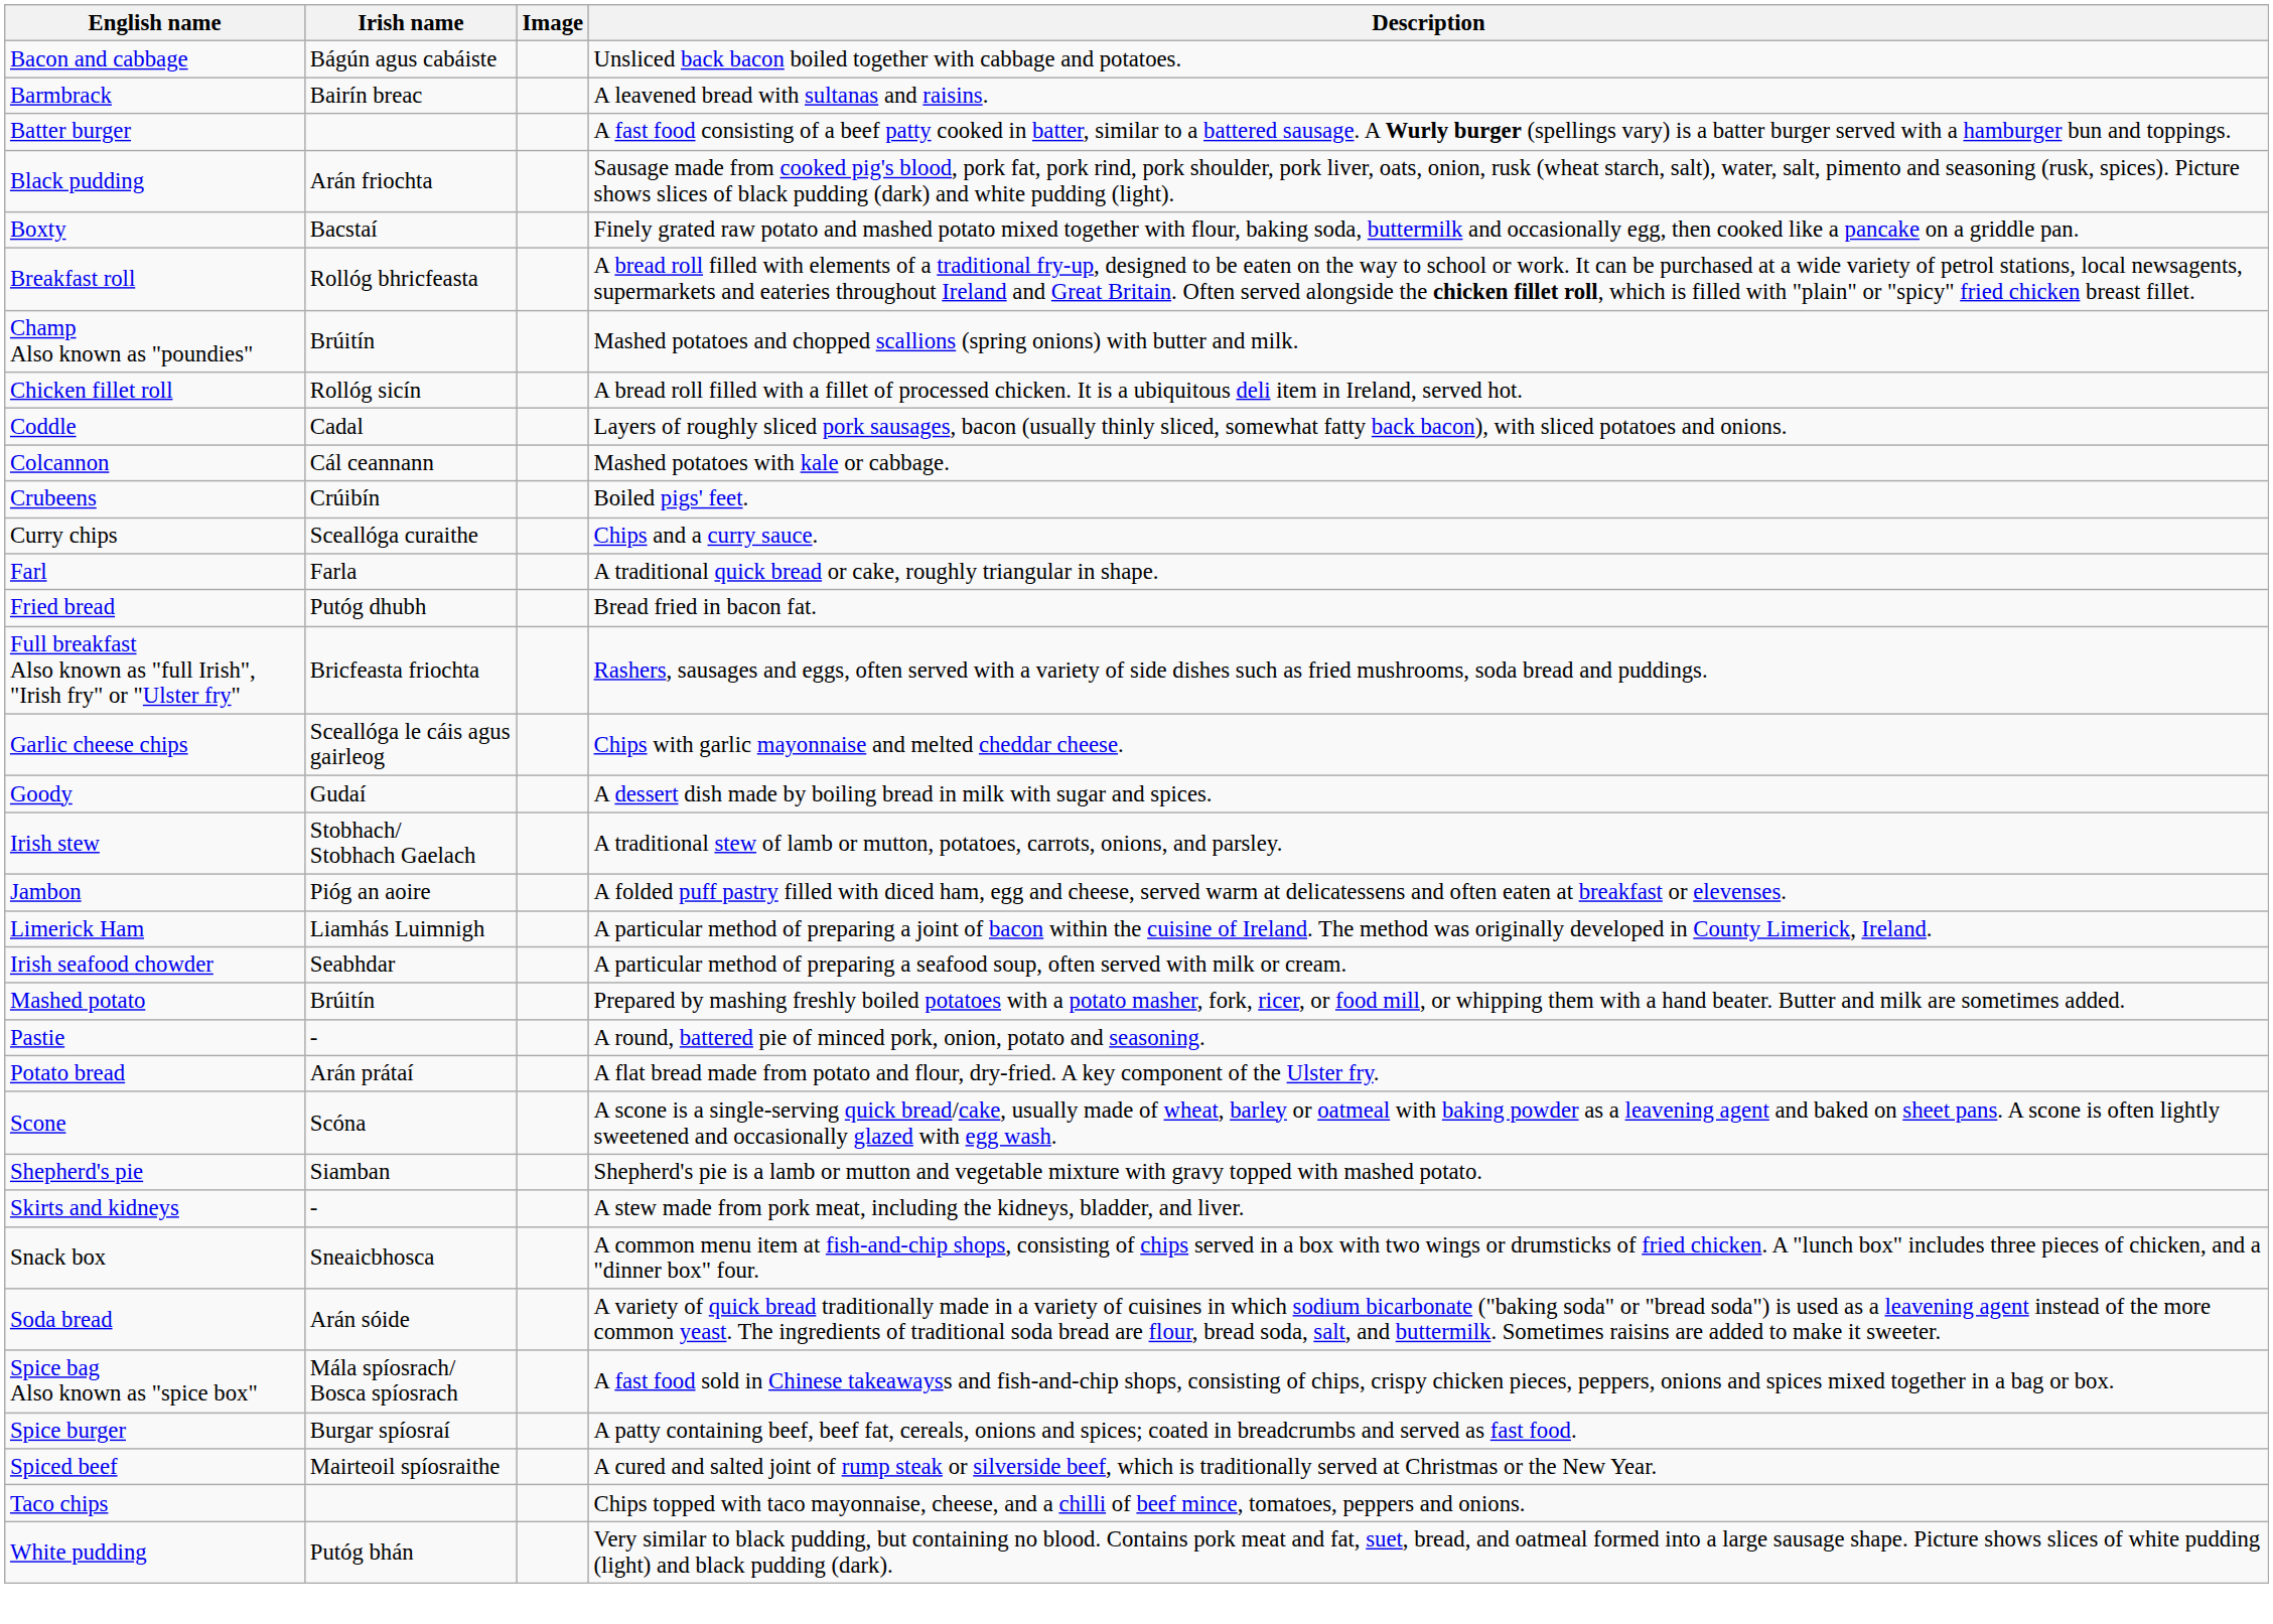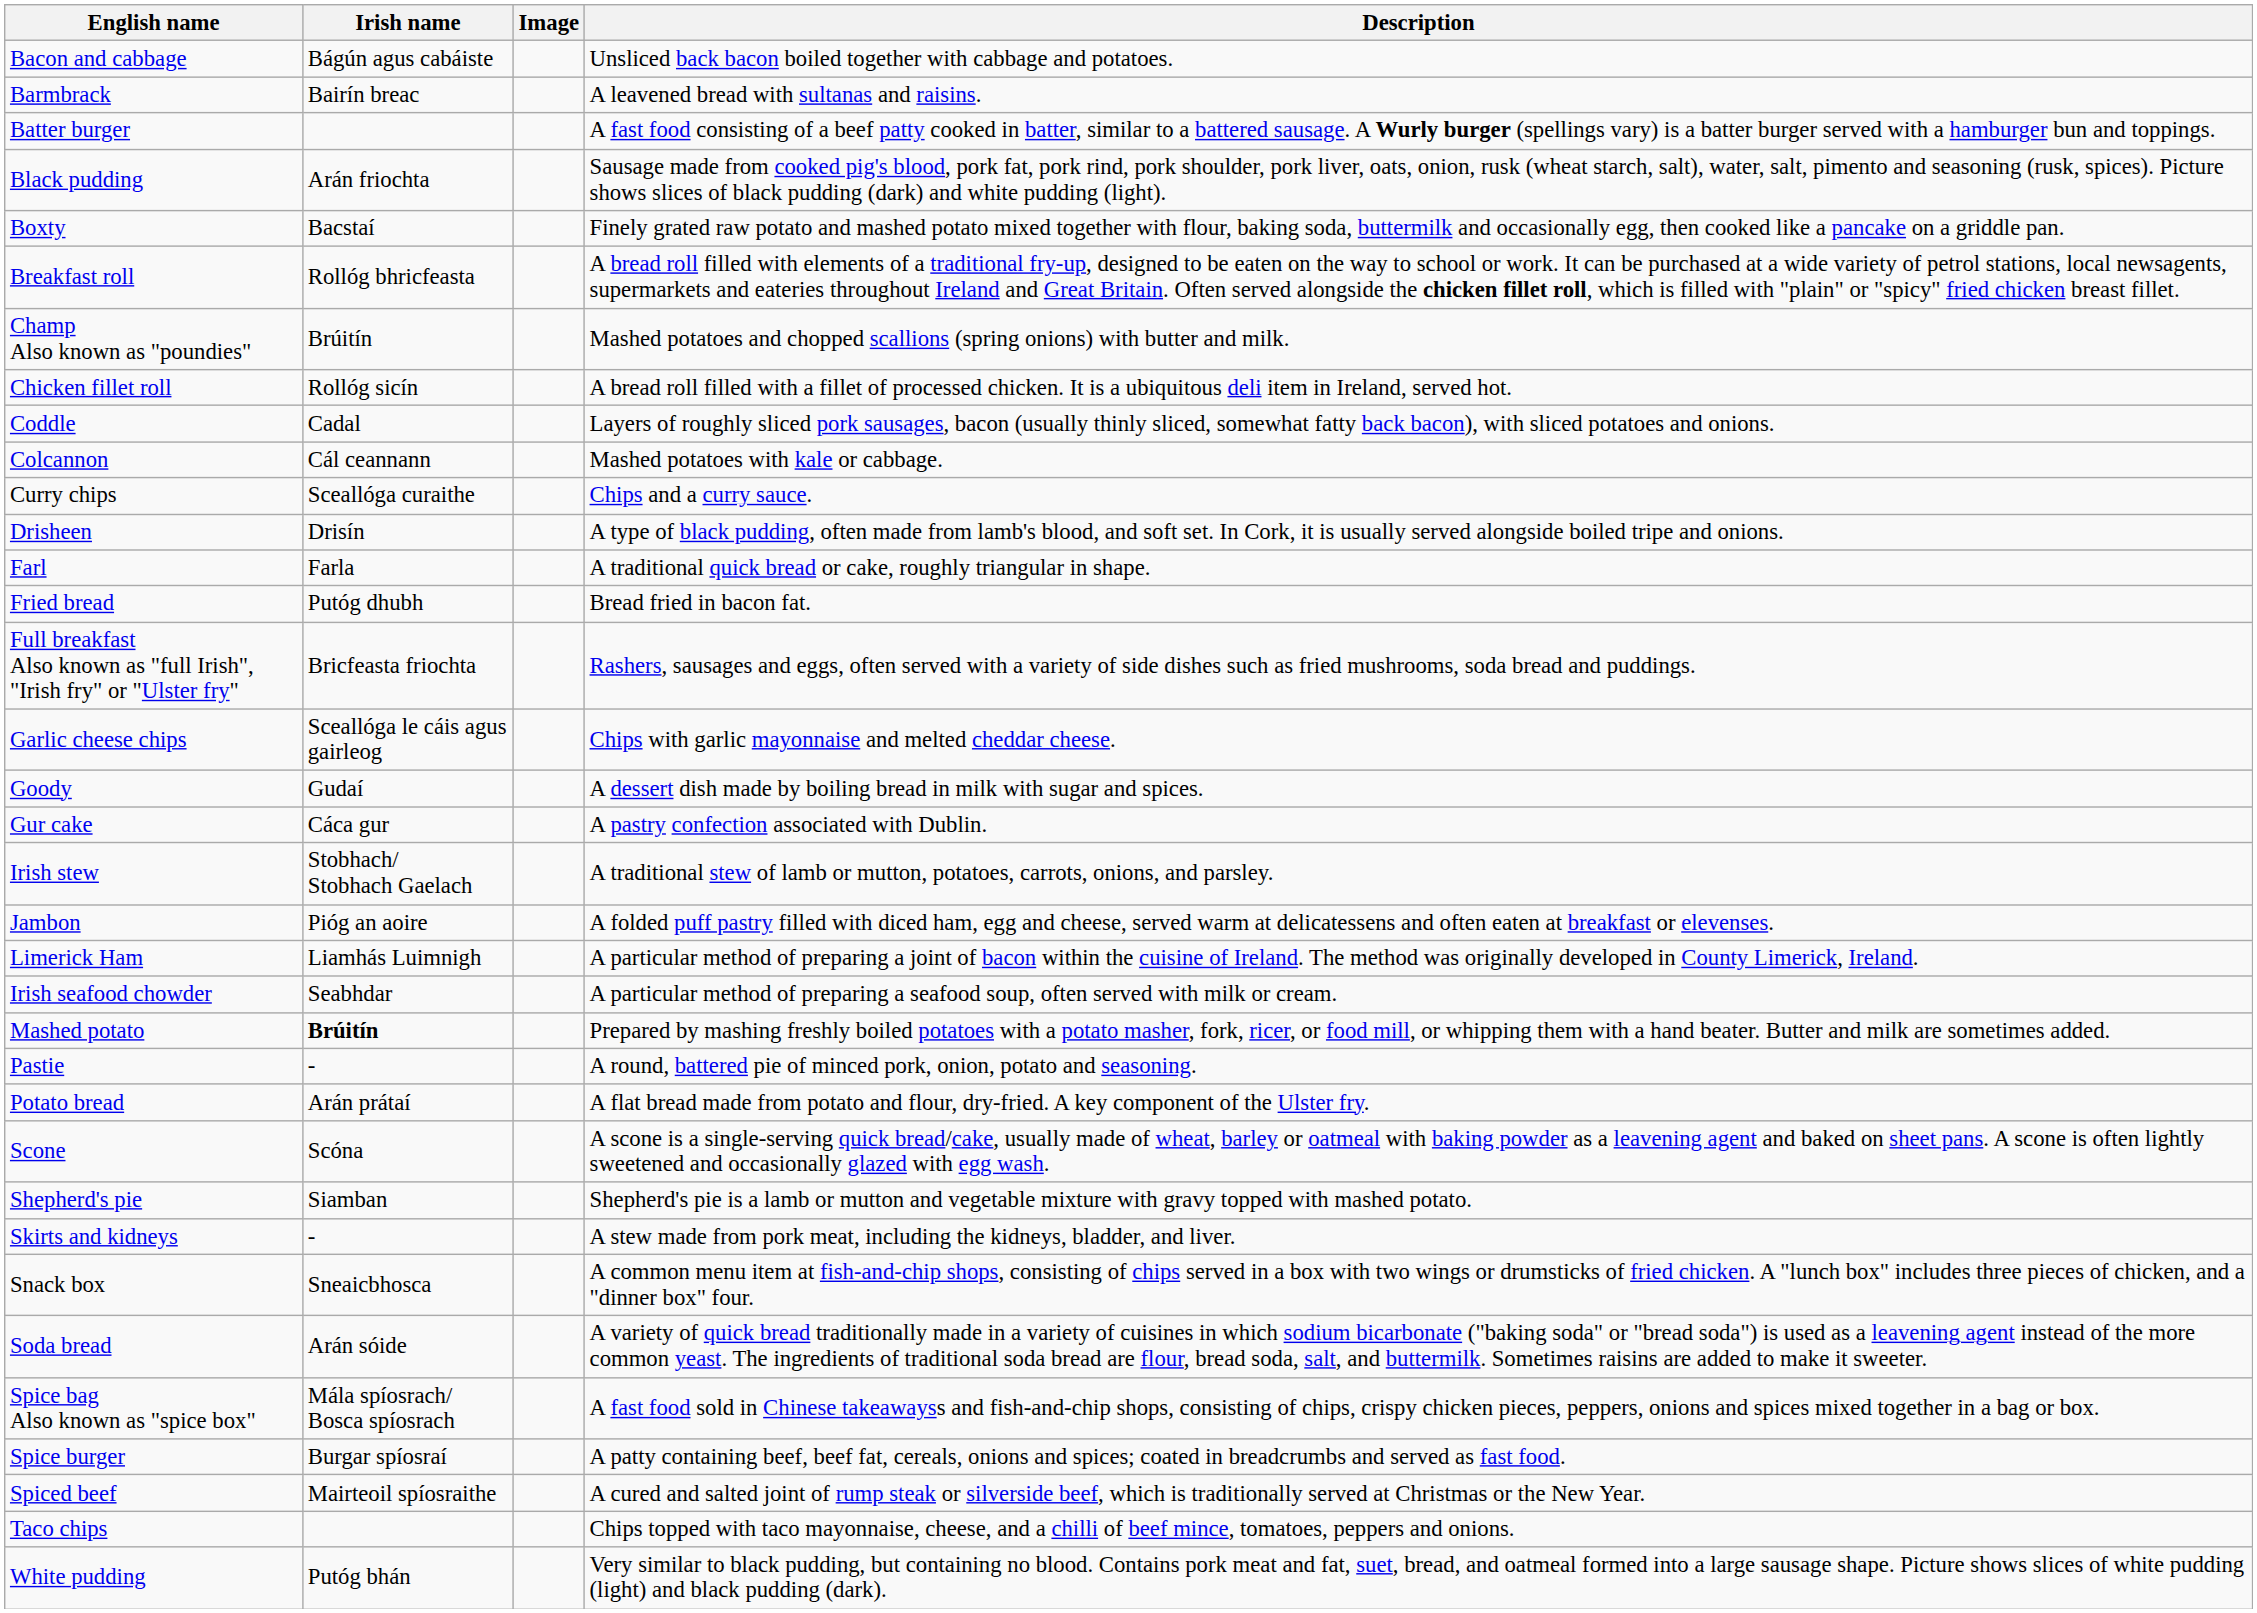 <table class="wikitable sortable" width="100%">
 <tr>
 <th>English name</th>
 <th>Irish name</th>
 <th class="unsortable">Image</th>
 <th>Description</th>
 </tr>
 <tr>
 <td><a href='#'>Bacon and cabbage</a></td>
 <td>Bágún agus cabáiste</td>
 <td></td>
 <td>Unsliced <a href='#'>back bacon</a> boiled together with cabbage and potatoes.</td>
 </tr>
 <tr>
 <td><a href='#'>Barmbrack</a></td>
 <td>Bairín breac</td>
 <td></td>
 <td>A leavened bread with <a href='#'>sultanas</a> and <a href='#'>raisins</a>.</td>
 </tr>
 <tr>
 <td><a href='#'>Batter burger</a></td>
 <td></td>
 <td></td>
 <td>A <a href='#'>fast food</a> consisting of a beef <a href='#'>patty</a> cooked in <a href='#'>batter</a>, similar to a <a href='#'>battered sausage</a>. A <strong>Wurly burger</strong> (spellings vary) is a batter burger served with a <a href='#'>hamburger</a> bun and toppings.</td>
 </tr>
 <tr>
 <td><a href='#'>Black pudding</a></td>
 <td>Arán friochta</td>
 <td></td>
 <td>Sausage made from <a href='#'>cooked pig's blood</a>, pork fat, pork rind, pork shoulder, pork liver, oats, onion, rusk (wheat starch, salt), water, salt, pimento and seasoning (rusk, spices). Picture shows slices of black pudding (dark) and white pudding (light).</td>
 </tr>
 <tr>
 <td><a href='#'>Boxty</a></td>
 <td>Bacstaí</td>
 <td></td>
 <td>Finely grated raw potato and mashed potato mixed together with flour, baking soda, <a href='#'>buttermilk</a> and occasionally egg, then cooked like a <a href='#'>pancake</a> on a griddle pan.</td>
 </tr>
 <tr>
 <td><a href='#'>Breakfast roll</a></td>
 <td>Rollóg bhricfeasta</td>
 <td></td>
 <td>A <a href='#'>bread roll</a> filled with elements of a <a href='#'>traditional fry-up</a>, designed to be eaten on the way to school or work. It can be purchased at a wide variety of petrol stations, local newsagents, supermarkets and eateries throughout <a href='#'>Ireland</a> and <a href='#'>Great Britain</a>. Often served alongside the <strong>chicken fillet roll</strong>, which is filled with "plain" or "spicy" <a href='#'>fried chicken</a> breast fillet.</td>
 </tr>
 <tr>
 <td><a href='#'>Champ</a><br>Also known as "poundies"</td>
 <td>Brúitín</td>
 <td></td>
 <td>Mashed potatoes and chopped <a href='#'>scallions</a> (spring onions) with butter and milk.</td>
 </tr>
 <tr>
 <td><a href='#'>Chicken fillet roll</a></td>
 <td>Rollóg sicín</td>
 <td></td>
 <td>A bread roll filled with a fillet of processed chicken. It is a ubiquitous <a href='#'>deli</a> item in Ireland, served hot.</td>
 </tr>
 <tr>
 <td><a href='#'>Coddle</a></td>
 <td>Cadal</td>
 <td></td>
 <td>Layers of roughly sliced <a href='#'>pork sausages</a>, bacon (usually thinly sliced, somewhat fatty <a href='#'>back bacon</a>), with sliced potatoes and onions.</td>
 </tr>
 <tr>
 <td><a href='#'>Colcannon</a></td>
 <td>Cál ceannann</td>
 <td></td>
 <td>Mashed potatoes with <a href='#'>kale</a> or cabbage.</td>
 </tr>
 <tr>
-<td><a href='#'>Crubeens</a></td>
-<td>Crúibín</td>
-<td></td>
-<td>Boiled <a href='#'>pigs' feet</a>.</td>
-</tr>
-<tr>
 <td>Curry chips</td>
 <td>Sceallóga curaithe</td>
 <td></td>
 <td><a href='#'>Chips</a> and a <a href='#'>curry sauce</a>.</td>
+</tr>
+<tr>
+<td><a href='#'>Drisheen</a></td>
+<td>Drisín</td>
+<td></td>
+<td>A type of <a href='#'>black pudding</a>, often made from lamb's blood, and soft set. In Cork, it is usually served alongside boiled tripe and onions.</td>
 </tr>
 <tr>
 <td><a href='#'>Farl</a></td>
 <td>Farla</td>
 <td></td>
 <td>A traditional <a href='#'>quick bread</a> or cake, roughly triangular in shape.</td>
 </tr>
 <tr>
 <td><a href='#'>Fried bread</a></td>
 <td>Putóg dhubh</td>
 <td></td>
 <td>Bread fried in bacon fat.</td>
 </tr>
 <tr>
 <td><a href='#'>Full breakfast</a><br>Also known as "full Irish", "Irish fry" or "<a href='#'>Ulster fry</a>"</td>
 <td>Bricfeasta friochta</td>
 <td></td>
 <td><a href='#'>Rashers</a>, sausages and eggs, often served with a variety of side dishes such as fried mushrooms, soda bread and puddings.</td>
 </tr>
 <tr>
 <td><a href='#'>Garlic cheese chips</a></td>
 <td>Sceallóga le cáis agus gairleog</td>
 <td></td>
 <td><a href='#'>Chips</a> with garlic <a href='#'>mayonnaise</a> and melted <a href='#'>cheddar cheese</a>.</td>
 </tr>
 <tr>
 <td><a href='#'>Goody</a></td>
 <td>Gudaí</td>
 <td></td>
 <td>A <a href='#'>dessert</a> dish made by boiling bread in milk with sugar and spices.</td>
 </tr>
 <tr>
+<td><a href='#'>Gur cake</a></td>
+<td>Cáca gur</td>
+<td></td>
+<td>A <a href='#'>pastry</a> <a href='#'>confection</a> associated with Dublin.</td>
+</tr>
+<tr>
 <td><a href='#'>Irish stew</a></td>
 <td>Stobhach/<br>Stobhach Gaelach</td>
 <td></td>
 <td>A traditional <a href='#'>stew</a> of lamb or mutton, potatoes, carrots, onions, and parsley.</td>
 </tr>
 <tr>
 <td><a href='#'>Jambon</a></td>
 <td>Pióg an aoire</td>
 <td></td>
 <td>A folded <a href='#'>puff pastry</a> filled with diced ham, egg and cheese, served warm at delicatessens and often eaten at <a href='#'>breakfast</a> or <a href='#'>elevenses</a>.</td>
 </tr>
 <tr>
 <td><a href='#'>Limerick Ham</a></td>
 <td>Liamhás Luimnigh</td>
 <td></td>
 <td>A particular method of preparing a joint of <a href='#'>bacon</a> within the <a href='#'>cuisine of Ireland</a>. The method was originally developed in <a href='#'>County Limerick</a>, <a href='#'>Ireland</a>.</td>
 </tr>
 <tr>
 <td><a href='#'>Irish seafood chowder</a></td>
 <td>Seabhdar</td>
 <td></td>
 <td>A particular method of preparing a seafood soup, often served with milk or cream.</td>
 </tr>
 <tr>
 <td><a href='#'>Mashed potato</a></td>
-<td>Brúitín</td>
+<td><strong>Brúitín</strong></td>
 <td></td>
 <td>Prepared by mashing freshly boiled <a href='#'>potatoes</a> with a <a href='#'>potato masher</a>, fork, <a href='#'>ricer</a>, or <a href='#'>food mill</a>, or whipping them with a hand beater. Butter and milk are sometimes added.</td>
 </tr>
 <tr>
 <td><a href='#'>Pastie</a></td>
 <td>-</td>
 <td></td>
 <td>A round, <a href='#'>battered</a> pie of minced pork, onion, potato and <a href='#'>seasoning</a>.</td>
 </tr>
 <tr>
 <td><a href='#'>Potato bread</a></td>
 <td>Arán prátaí</td>
 <td></td>
 <td>A flat bread made from potato and flour, dry-fried. A key component of the <a href='#'>Ulster fry</a>.</td>
 </tr>
 <tr>
 <td><a href='#'>Scone</a></td>
 <td>Scóna</td>
 <td></td>
 <td>A scone is a single-serving <a href='#'>quick bread</a>/<a href='#'>cake</a>, usually made of <a href='#'>wheat</a>, <a href='#'>barley</a> or <a href='#'>oatmeal</a> with <a href='#'>baking powder</a> as a <a href='#'>leavening agent</a> and baked on <a href='#'>sheet pans</a>. A scone is often lightly sweetened and occasionally <a href='#'>glazed</a> with <a href='#'>egg wash</a>.</td>
 </tr>
 <tr>
 <td><a href='#'>Shepherd's pie</a></td>
 <td>Siamban</td>
 <td></td>
 <td>Shepherd's pie is a lamb or mutton and vegetable mixture with gravy topped with mashed potato.</td>
 </tr>
 <tr>
 <td><a href='#'>Skirts and kidneys</a></td>
 <td>-</td>
 <td></td>
 <td>A stew made from pork meat, including the kidneys, bladder, and liver.</td>
 </tr>
 <tr>
 <td>Snack box</td>
 <td>Sneaicbhosca</td>
 <td></td>
 <td>A common menu item at <a href='#'>fish-and-chip shops</a>, consisting of <a href='#'>chips</a> served in a box with two wings or drumsticks of <a href='#'>fried chicken</a>. A "lunch box" includes three pieces of chicken, and a "dinner box" four.</td>
 </tr>
 <tr>
 <td><a href='#'>Soda bread</a></td>
 <td>Arán sóide</td>
 <td></td>
 <td>A variety of <a href='#'>quick bread</a> traditionally made in a variety of cuisines in which <a href='#'>sodium bicarbonate</a> ("baking soda" or "bread soda") is used as a <a href='#'>leavening agent</a> instead of the more common <a href='#'>yeast</a>. The ingredients of traditional soda bread are <a href='#'>flour</a>, bread soda, <a href='#'>salt</a>, and <a href='#'>buttermilk</a>. Sometimes raisins are added to make it sweeter.</td>
 </tr>
 <tr>
 <td><a href='#'>Spice bag</a><br>Also known as "spice box"</td>
 <td>Mála spíosrach/<br>Bosca spíosrach</td>
 <td></td>
 <td>A <a href='#'>fast food</a> sold in <a href='#'>Chinese takeaways</a>s and fish-and-chip shops, consisting of chips, crispy chicken pieces, peppers, onions and spices mixed together in a bag or box.</td>
 </tr>
 <tr>
 <td><a href='#'>Spice burger</a></td>
 <td>Burgar spíosraí</td>
 <td></td>
 <td>A patty containing beef, beef fat, cereals, onions and spices; coated in breadcrumbs and served as <a href='#'>fast food</a>.</td>
 </tr>
 <tr>
 <td><a href='#'>Spiced beef</a></td>
 <td>Mairteoil spíosraithe</td>
 <td></td>
 <td>A cured and salted joint of <a href='#'>rump steak</a> or <a href='#'>silverside beef</a>, which is traditionally served at Christmas or the New Year.</td>
 </tr>
 <tr>
 <td><a href='#'>Taco chips</a></td>
 <td></td>
 <td></td>
 <td>Chips topped with taco mayonnaise, cheese, and a <a href='#'>chilli</a> of <a href='#'>beef mince</a>, tomatoes, peppers and onions.</td>
 </tr>
 <tr>
 <td><a href='#'>White pudding</a></td>
 <td>Putóg bhán</td>
 <td></td>
 <td>Very similar to black pudding, but containing no blood. Contains pork meat and fat, <a href='#'>suet</a>, bread, and oatmeal formed into a large sausage shape. Picture shows slices of white pudding (light) and black pudding (dark).</td>
 </tr>
 </table>
